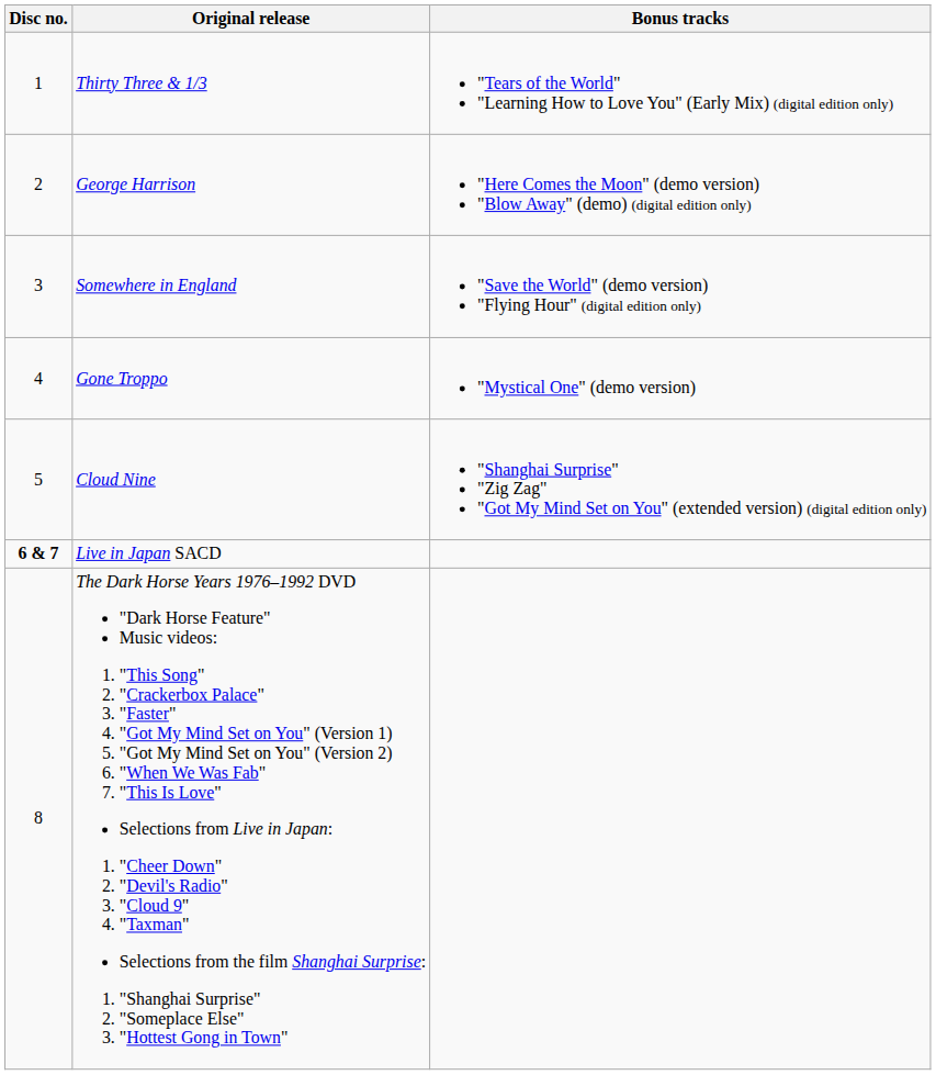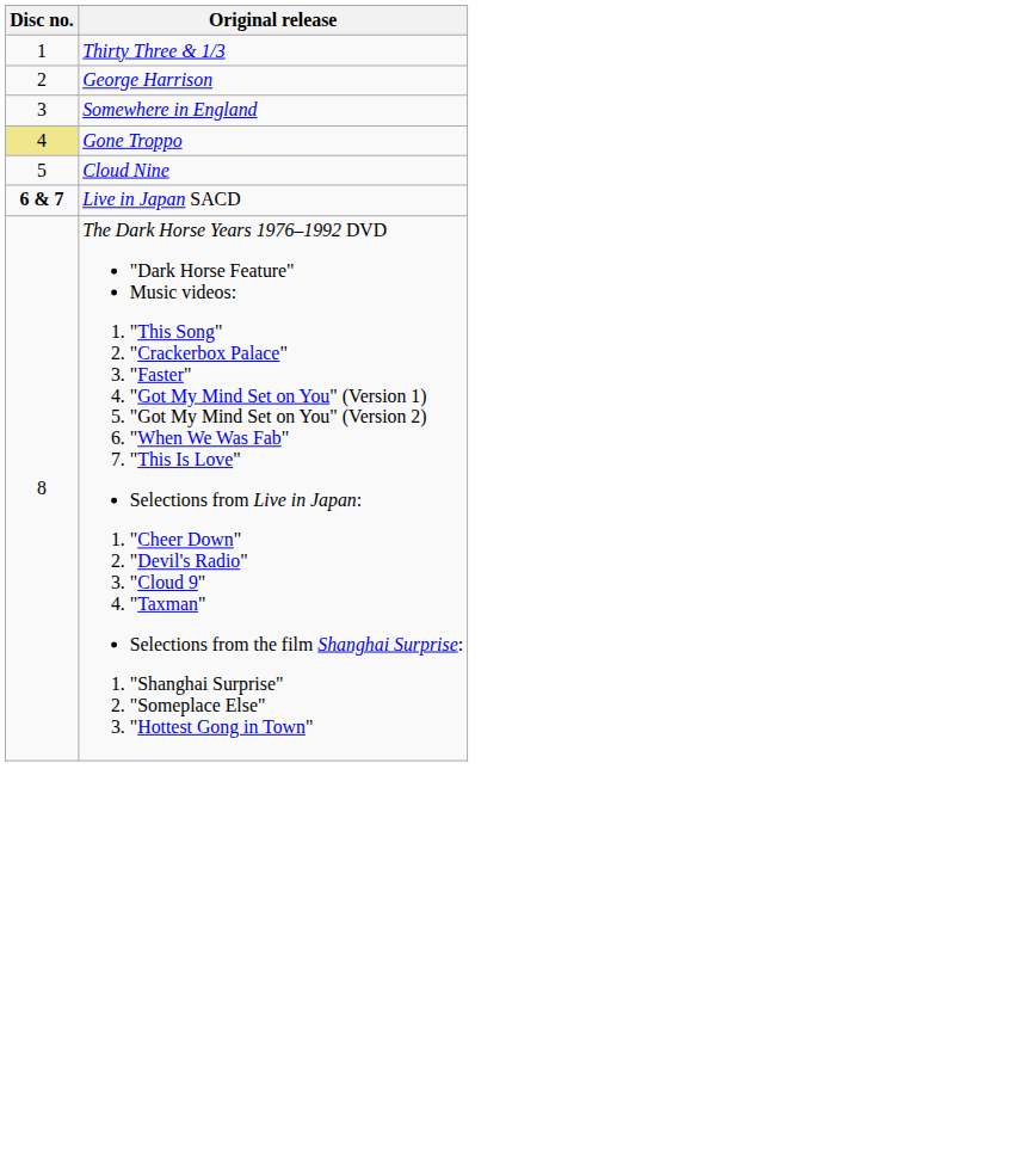 <table class="wikitable">
 <tr>
 <th scope="col">Disc no.</th>
 <th scope="col">Original release</th>
-<th scope="col">Bonus tracks</th>
 </tr>
 <tr>
 <td scope="row" align="center">1</td>
 <td><em><a href='#'>Thirty Three & 1/3</a></em></td>
-<td><br><ul><li>"<a href='#'>Tears of the World</a>"</li><li>"Learning How to Love You" (Early Mix) <small>(digital edition only)</small></li></ul></td>
 </tr>
 <tr>
 <td scope="row" align="center">2</td>
 <td><em><a href='#'>George Harrison</a></em></td>
-<td><br><ul><li>"<a href='#'>Here Comes the Moon</a>" (demo version)</li><li>"<a href='#'>Blow Away</a>" (demo) <small>(digital edition only)</small></li></ul></td>
 </tr>
 <tr>
 <td scope="row" align="center">3</td>
 <td><em><a href='#'>Somewhere in England</a></em></td>
-<td><br><ul><li>"<a href='#'>Save the World</a>" (demo version)</li><li>"Flying Hour" <small>(digital edition only)</small></li></ul></td>
 </tr>
 <tr>
-<td scope="row" align="center">4</td>
+<td scope="row" align="center" style="background: khaki;">4</td>
 <td><em><a href='#'>Gone Troppo</a></em></td>
-<td><br><ul><li>"<a href='#'>Mystical One</a>" (demo version)</li></ul></td>
 </tr>
 <tr>
 <td scope="row" align="center">5</td>
 <td><em><a href='#'>Cloud Nine</a></em></td>
-<td><br><ul><li>"<a href='#'>Shanghai Surprise</a>"</li><li>"Zig Zag"</li><li>"<a href='#'>Got My Mind Set on You</a>" (extended version) <small>(digital edition only)</small></li></ul></td>
 </tr>
 <tr>
 <td scope="row" align="center"><strong>6 & 7</strong></td>
 <td><em><a href='#'>Live in Japan</a></em> SACD</td>
-<td></td>
 </tr>
 <tr>
 <td scope="row" align="center">8</td>
 <td><em>The Dark Horse Years 1976–1992</em> DVD<br><ul><li>"Dark Horse Feature"</li><li>Music videos:</li></ul><ol><li>"<a href='#'>This Song</a>"</li><li>"<a href='#'>Crackerbox Palace</a>"</li><li>"<a href='#'>Faster</a>"</li><li>"<a href='#'>Got My Mind Set on You</a>" (Version 1)</li><li>"Got My Mind Set on You" (Version 2)</li><li>"<a href='#'>When We Was Fab</a>"</li><li>"<a href='#'>This Is Love</a>"</li></ol><ul><li>Selections from <em>Live in Japan</em>:</li></ul><ol><li>"<a href='#'>Cheer Down</a>"</li><li>"<a href='#'>Devil's Radio</a>"</li><li>"<a href='#'>Cloud 9</a>"</li><li>"<a href='#'>Taxman</a>"</li></ol><ul><li>Selections from the film <em><a href='#'>Shanghai Surprise</a></em>:</li></ul><ol><li>"Shanghai Surprise"</li><li>"Someplace Else"</li><li>"<a href='#'>Hottest Gong in Town</a>"</li></ol></td>
-<td></td>
 </tr>
 </table>
